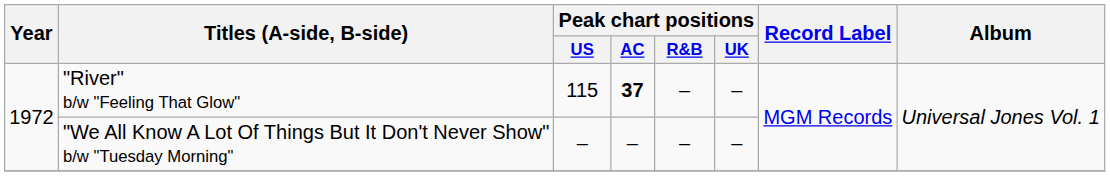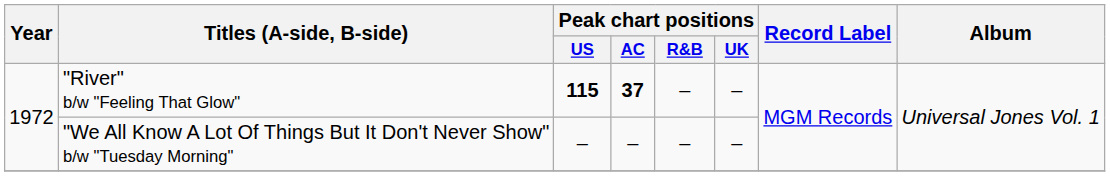 <table class="wikitable" style=text-align:center;>
 <tr>
 <th rowspan="2">Year</th>
 <th rowspan="2">Titles (A-side, B-side)</th>
 <th colspan="4">Peak chart positions</th>
 <th rowspan="2"><a href='#'>Record Label</a></th>
 <th rowspan="2">Album</th>
 </tr>
 <tr style="font-size:smaller;">
 <th align=centre><a href='#'>US</a></th>
 <th align=centre><a href='#'>AC</a></th>
 <th align=centre><a href='#'>R&B</a></th>
 <th align=centre><a href='#'>UK</a></th>
 </tr>
 <tr>
 <td rowspan="2">1972</td>
 <td align=left>"River"<br><small>b/w "Feeling That Glow"</small></td>
-<td>115</td>
+<td><strong>115</strong></td>
 <td><strong>37</strong></td>
 <td>–</td>
 <td>–</td>
 <td rowspan="2"><a href='#'>MGM Records</a></td>
 <td rowspan="2"><em>Universal Jones Vol. 1</em></td>
 </tr>
 <tr>
 <td align=left>"We All Know A Lot Of Things But It Don't Never Show"<br><small>b/w "Tuesday Morning"</small></td>
 <td>–</td>
 <td>–</td>
 <td>–</td>
 <td>–</td>
 </tr>
 <tr>
 </tr>
 </table>
